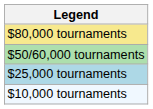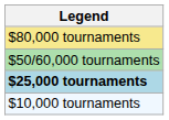 <table class="wikitable" style="font-size:85%">
 <tr>
 <th>Legend</th>
 </tr>
 <tr style="background:#f7e98e;">
 <td>$80,000 tournaments</td>
 </tr>
 <tr style="background:#addfad;">
 <td>$50/60,000 tournaments</td>
 </tr>
 <tr style="background:lightblue;">
-<td>$25,000 tournaments</td>
+<td><strong>$25,000 tournaments</strong></td>
 </tr>
 <tr style="background:#f0f8ff;">
 <td>$10,000 tournaments</td>
 </tr>
 </table>
